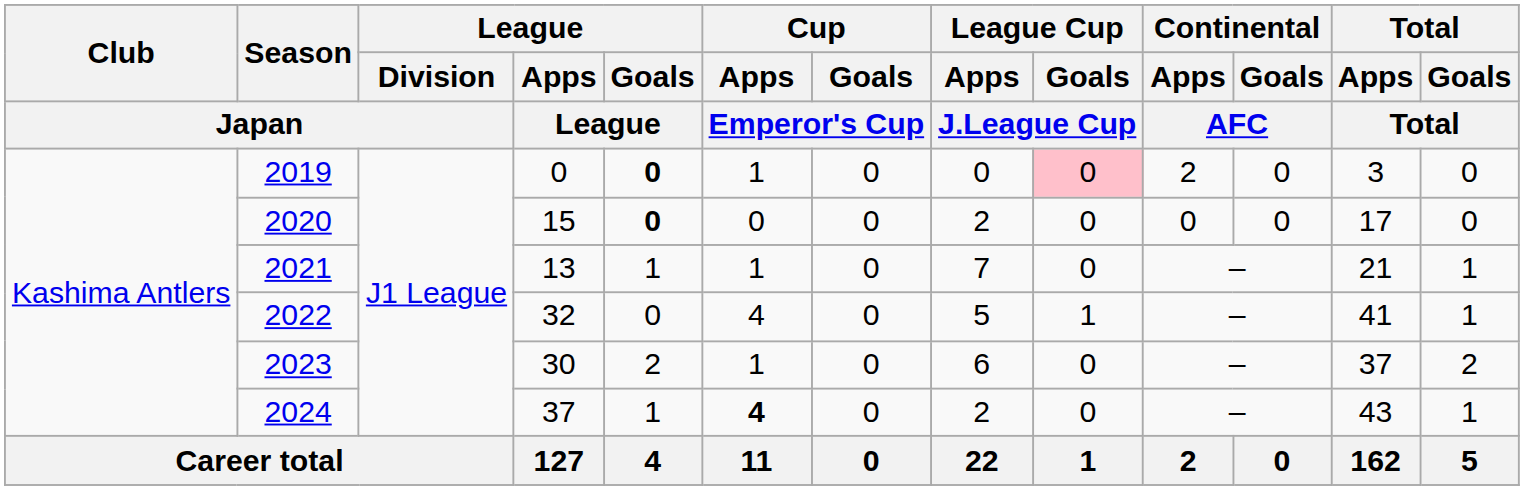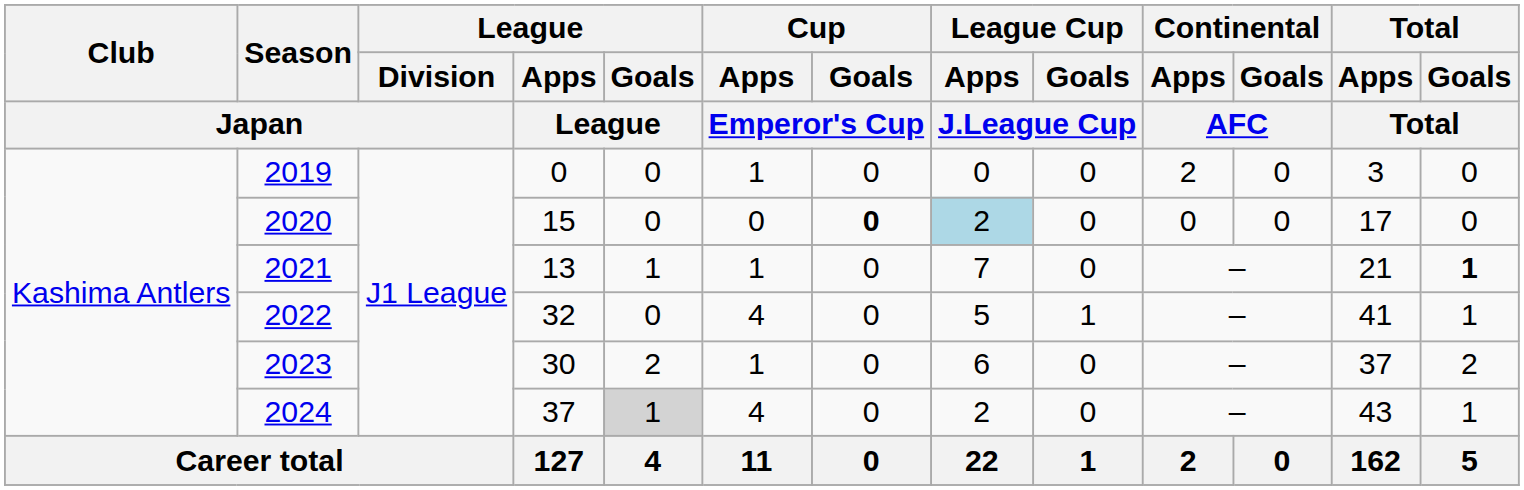 <table class="wikitable" style="text-align:center;">
 <tr>
 <th rowspan=2>Club</th>
 <th rowspan=2>Season</th>
 <th colspan=3>League</th>
 <th colspan=2>Cup</th>
 <th colspan=2>League Cup</th>
 <th colspan=2>Continental</th>
 <th colspan=2>Total</th>
 </tr>
 <tr>
 <th>Division</th>
 <th>Apps</th>
 <th>Goals</th>
 <th>Apps</th>
 <th>Goals</th>
 <th>Apps</th>
 <th>Goals</th>
 <th>Apps</th>
 <th>Goals</th>
 <th>Apps</th>
 <th>Goals</th>
 </tr>
 <tr>
 <th colspan=3>Japan</th>
 <th colspan=2>League</th>
 <th colspan=2><a href='#'>Emperor's Cup</a></th>
 <th colspan=2><a href='#'>J.League Cup</a></th>
 <th colspan=2><a href='#'>AFC</a></th>
 <th colspan=2>Total</th>
 </tr>
 <tr>
 <td rowspan="6"><a href='#'>Kashima Antlers</a></td>
 <td><a href='#'>2019</a></td>
 <td rowspan="6"><a href='#'>J1 League</a></td>
 <td>0</td>
-<td><strong>0</strong></td>
+<td>0</td>
 <td>1</td>
 <td>0</td>
 <td>0</td>
-<td style="background: pink;">0</td>
+<td>0</td>
 <td>2</td>
 <td>0</td>
 <td>3</td>
 <td>0</td>
 </tr>
 <tr>
 <td><a href='#'>2020</a></td>
 <td>15</td>
-<td><strong>0</strong></td>
 <td>0</td>
 <td>0</td>
-<td>2</td>
+<td><strong>0</strong></td>
+<td style="background: lightblue;">2</td>
 <td>0</td>
 <td>0</td>
 <td>0</td>
 <td>17</td>
 <td>0</td>
 </tr>
 <tr>
 <td><a href='#'>2021</a></td>
 <td>13</td>
 <td>1</td>
 <td>1</td>
 <td>0</td>
 <td>7</td>
 <td>0</td>
 <td colspan="2">–</td>
 <td>21</td>
-<td>1</td>
+<td><strong>1</strong></td>
 </tr>
 <tr>
 <td><a href='#'>2022</a></td>
 <td>32</td>
 <td>0</td>
 <td>4</td>
 <td>0</td>
 <td>5</td>
 <td>1</td>
 <td colspan="2">–</td>
 <td>41</td>
 <td>1</td>
 </tr>
 <tr>
 <td><a href='#'>2023</a></td>
 <td>30</td>
 <td>2</td>
 <td>1</td>
 <td>0</td>
 <td>6</td>
 <td>0</td>
 <td colspan="2">–</td>
 <td>37</td>
 <td>2</td>
 </tr>
 <tr>
 <td><a href='#'>2024</a></td>
 <td>37</td>
-<td>1</td>
-<td><strong>4</strong></td>
+<td style="background: lightgrey;">1</td>
+<td>4</td>
 <td>0</td>
 <td>2</td>
 <td>0</td>
 <td colspan="2">–</td>
 <td>43</td>
 <td>1</td>
 </tr>
 <tr>
 <th colspan=3>Career total</th>
 <th>127</th>
 <th>4</th>
 <th>11</th>
 <th>0</th>
 <th>22</th>
 <th>1</th>
 <th>2</th>
 <th>0</th>
 <th>162</th>
 <th>5</th>
 </tr>
 </table>
